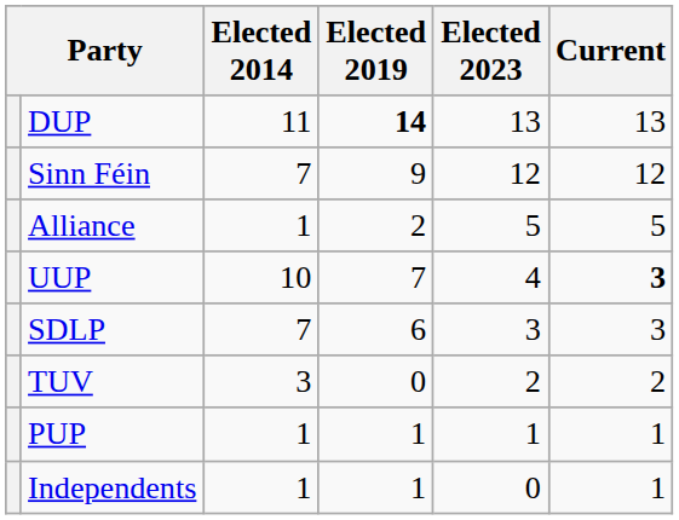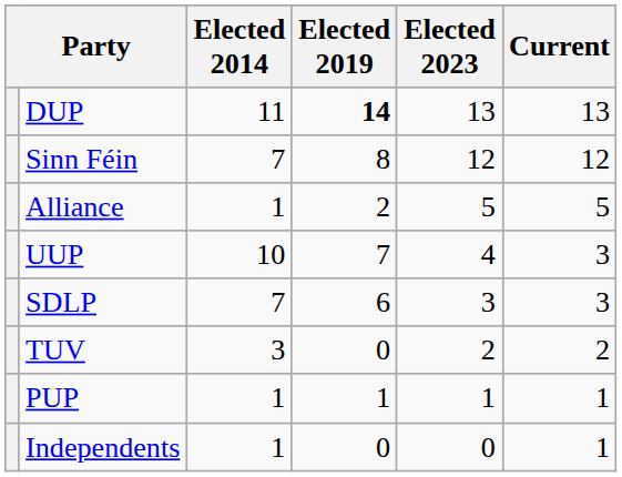 <table class="wikitable" style="font-size: 95%;">
 <tr>
 <th colspan=2>Party</th>
 <th>Elected <br>2014</th>
 <th>Elected <br>2019</th>
 <th>Elected <br>2023</th>
 <th>Current</th>
 </tr>
 <tr>
 <th style="background-color: "></th>
 <td><a href='#'>DUP</a></td>
 <td align="right">11</td>
 <td align="right"><strong>14</strong></td>
 <td align="right">13</td>
 <td align="right">13</td>
 </tr>
 <tr>
 <th style="background-color: "></th>
 <td><a href='#'>Sinn Féin</a></td>
 <td align="right">7</td>
-<td align="right">9</td>
+<td align="right">8</td>
 <td align="right">12</td>
 <td align="right">12</td>
 </tr>
 <tr>
 <th style="background-color: "></th>
 <td><a href='#'>Alliance</a></td>
 <td align="right">1</td>
 <td align="right">2</td>
 <td align="right">5</td>
 <td align="right">5</td>
 </tr>
 <tr>
 <th style="background-color: "></th>
 <td><a href='#'>UUP</a></td>
 <td align="right">10</td>
 <td align="right">7</td>
 <td align="right">4</td>
-<td align="right"><strong>3</strong></td>
+<td align="right">3</td>
 </tr>
 <tr>
 <th style="background-color: "></th>
 <td><a href='#'>SDLP</a></td>
 <td align="right">7</td>
 <td align="right">6</td>
 <td align="right">3</td>
 <td align="right">3</td>
 </tr>
 <tr>
 <th style="background-color: "></th>
 <td><a href='#'>TUV</a></td>
 <td align="right">3</td>
 <td align="right">0</td>
 <td align="right">2</td>
 <td align="right">2</td>
 </tr>
 <tr>
 <th style="background-color: "></th>
 <td><a href='#'>PUP</a></td>
 <td align="right">1</td>
 <td align="right">1</td>
 <td align="right">1</td>
 <td align="right">1</td>
 </tr>
 <tr>
 <th style="background-color: "></th>
 <td><a href='#'>Independents</a></td>
 <td align="right">1</td>
-<td align="right">1</td>
+<td align="right">0</td>
 <td align="right">0</td>
 <td align="right">1</td>
 </tr>
 </table>
